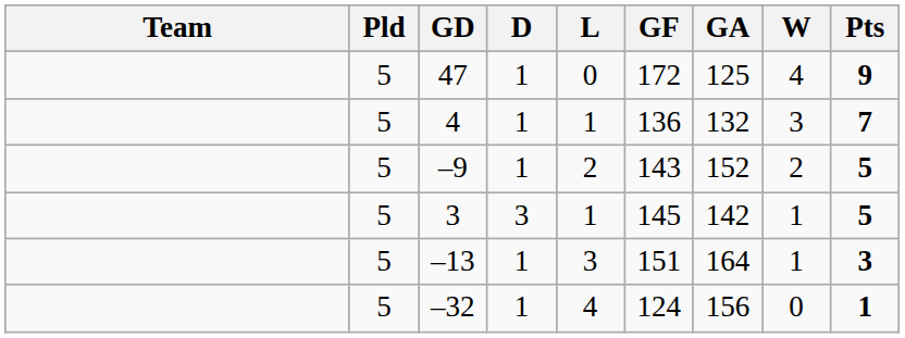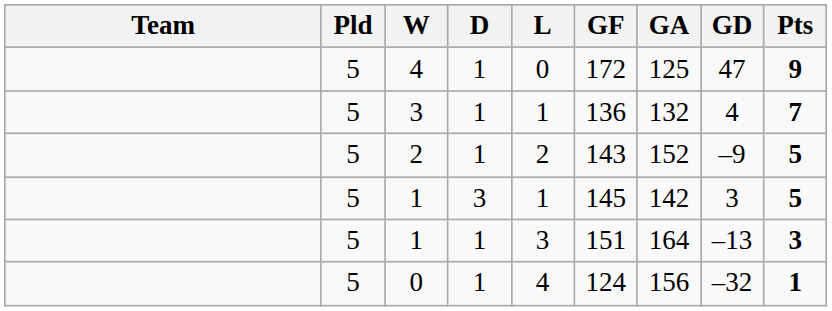 <table class="wikitable" style="text-align: center;">
 <tr>
 <th width="180">Team</th>
 <th width="30">Pld</th>
-<th width="30">GD</th>
+<th width="30">W</th>
 <th width="30">D</th>
 <th width="30">L</th>
 <th width="30">GF</th>
 <th width="30">GA</th>
-<th width="30">W</th>
+<th width="30">GD</th>
 <th width="30">Pts</th>
-</tr>
-<tr>
-<td align="left"></td>
-<td>5</td>
-<td>47</td>
-<td>1</td>
-<td>0</td>
-<td>172</td>
-<td>125</td>
-<td>4</td>
-<td><strong>9</strong></td>
 </tr>
 <tr>
 <td align="left"></td>
 <td>5</td>
 <td>4</td>
 <td>1</td>
+<td>0</td>
+<td>172</td>
+<td>125</td>
+<td>47</td>
+<td><strong>9</strong></td>
+</tr>
+<tr>
+<td align="left"></td>
+<td>5</td>
+<td>3</td>
+<td>1</td>
 <td>1</td>
 <td>136</td>
 <td>132</td>
-<td>3</td>
+<td>4</td>
 <td><strong>7</strong></td>
 </tr>
 <tr>
 <td align="left"></td>
 <td>5</td>
-<td>–9</td>
+<td>2</td>
 <td>1</td>
 <td>2</td>
 <td>143</td>
 <td>152</td>
-<td>2</td>
+<td>–9</td>
 <td><strong>5</strong></td>
 </tr>
 <tr>
 <td align="left"></td>
 <td>5</td>
-<td>3</td>
+<td>1</td>
 <td>3</td>
 <td>1</td>
 <td>145</td>
 <td>142</td>
-<td>1</td>
+<td>3</td>
 <td><strong>5</strong></td>
 </tr>
 <tr>
 <td align="left"></td>
 <td>5</td>
-<td>–13</td>
+<td>1</td>
 <td>1</td>
 <td>3</td>
 <td>151</td>
 <td>164</td>
-<td>1</td>
+<td>–13</td>
 <td><strong>3</strong></td>
 </tr>
 <tr>
 <td align="left"></td>
 <td>5</td>
-<td>–32</td>
+<td>0</td>
 <td>1</td>
 <td>4</td>
 <td>124</td>
 <td>156</td>
-<td>0</td>
+<td>–32</td>
 <td><strong>1</strong></td>
 </tr>
 </table>
